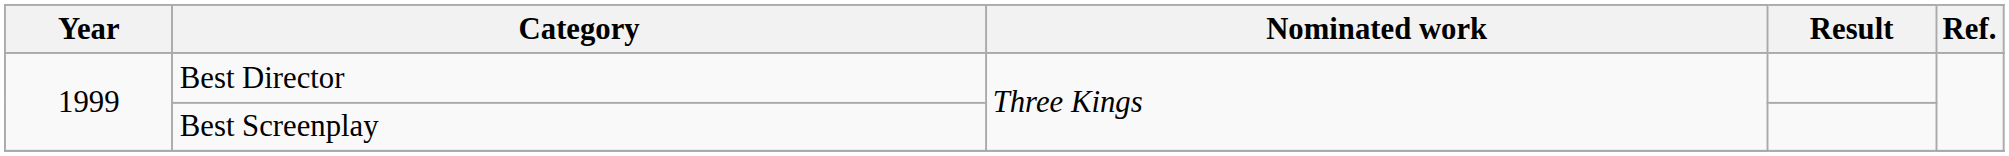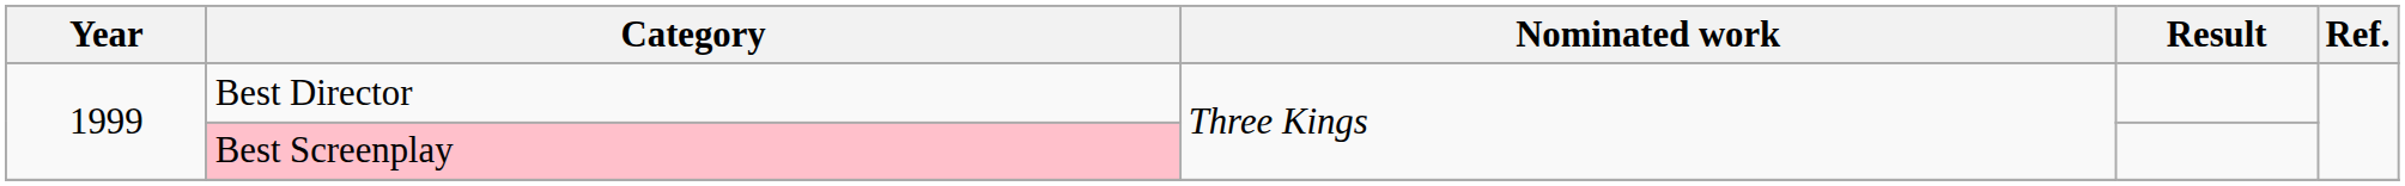 <table class=wikitable>
 <tr>
 <th scope="col" style="width:5em;">Year</th>
 <th scope="col" style="width:26em;">Category</th>
 <th scope="col" style="width:25em;">Nominated work</th>
 <th scope="col" style="width:5em;">Result</th>
 <th>Ref.</th>
 </tr>
 <tr>
 <td style="text-align:center;", rowspan=2>1999</td>
 <td>Best Director</td>
 <td rowspan=2><em>Three Kings</em></td>
 <td></td>
 <td rowspan=2></td>
 </tr>
 <tr>
-<td>Best Screenplay</td>
+<td style="background: pink;">Best Screenplay</td>
 <td></td>
 </tr>
 <tr>
 </tr>
 </table>
